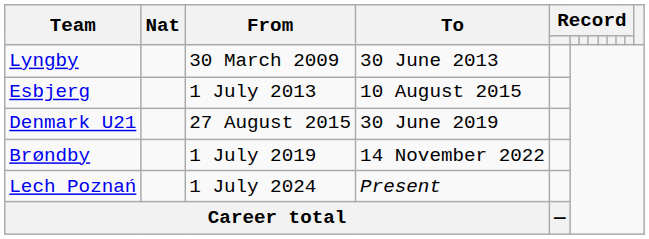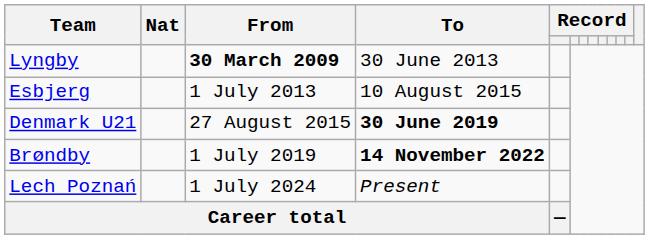 <table class="wikitable" style="text-align: center">
 <tr>
 <th rowspan="2">Team</th>
 <th rowspan="2">Nat</th>
 <th rowspan="2">From</th>
 <th rowspan="2">To</th>
 <th colspan="8">Record</th>
 <th rowspan=2></th>
 </tr>
 <tr>
 <th></th>
 <th></th>
 <th></th>
 <th></th>
 <th></th>
 <th></th>
 <th></th>
 <th></th>
 </tr>
 <tr>
 <td align="left"><a href='#'>Lyngby</a></td>
 <td></td>
-<td align=left>30 March 2009</td>
+<td align=left><strong>30 March 2009</strong></td>
 <td align=left>30 June 2013<br></td>
 <td></td>
 </tr>
 <tr>
 <td align="left"><a href='#'>Esbjerg</a></td>
 <td></td>
 <td align=left>1 July 2013</td>
 <td align=left>10 August 2015<br></td>
 <td></td>
 </tr>
 <tr>
 <td align="left"><a href='#'>Denmark U21</a></td>
 <td></td>
 <td align=left>27 August 2015</td>
-<td align=left>30 June 2019<br></td>
+<td align=left><strong>30 June 2019<br></strong></td>
 <td></td>
 </tr>
 <tr>
 <td align="left"><a href='#'>Brøndby</a></td>
 <td></td>
 <td align=left>1 July 2019</td>
-<td align=left>14 November 2022<br></td>
+<td align=left><strong>14 November 2022<br></strong></td>
 <td></td>
 </tr>
 <tr>
 <td align="left"><a href='#'>Lech Poznań</a></td>
 <td></td>
 <td align=left>1 July 2024</td>
 <td align=left><em>Present</em><br></td>
 <td></td>
 </tr>
 <tr>
 <th colspan=4><strong>Career total</strong><br></th>
 <th>—</th>
 </tr>
 </table>
